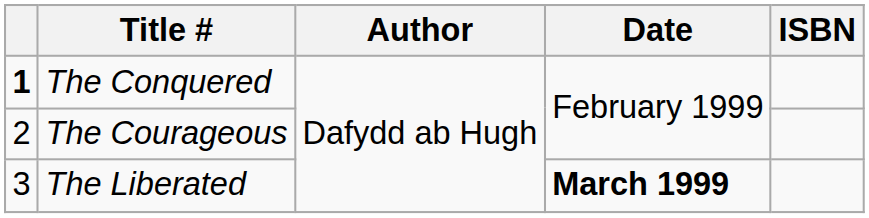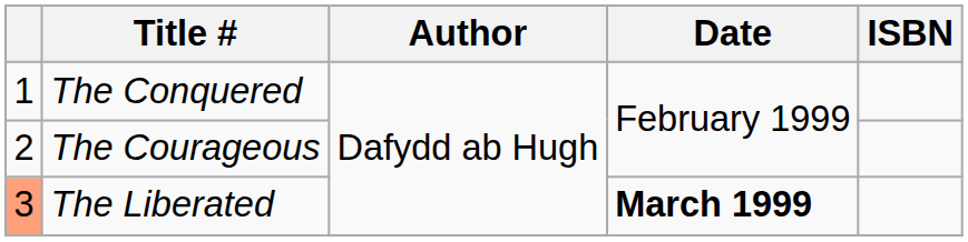 <table class="wikitable">
 <tr>
 <th></th>
 <th>Title #</th>
 <th>Author</th>
 <th>Date</th>
 <th>ISBN</th>
 </tr>
 <tr>
-<td><strong>1</strong></td>
+<td>1</td>
 <td><em>The Conquered</em></td>
 <td rowspan="3">Dafydd ab Hugh</td>
 <td rowspan="2">February 1999</td>
 <td></td>
 </tr>
 <tr>
 <td>2</td>
 <td><em>The Courageous</em></td>
 <td></td>
 </tr>
 <tr>
-<td>3</td>
+<td style="background: lightsalmon;">3</td>
 <td><em>The Liberated</em></td>
 <td><strong>March 1999</strong></td>
 <td></td>
 </tr>
 </table>
